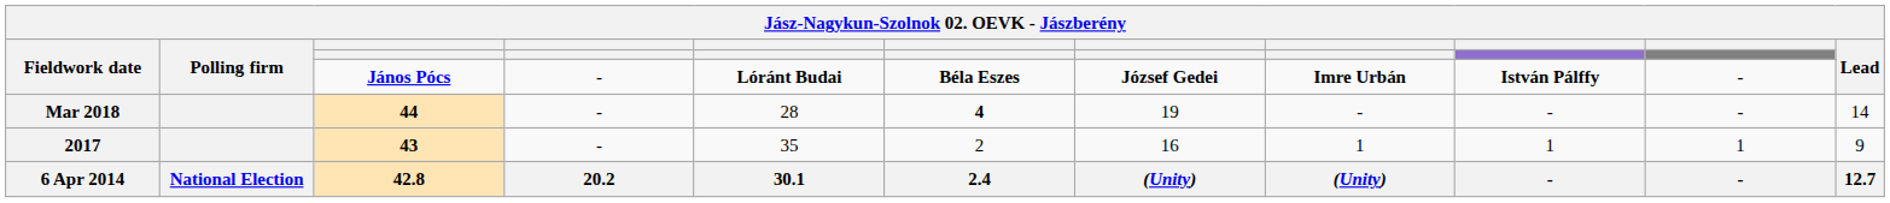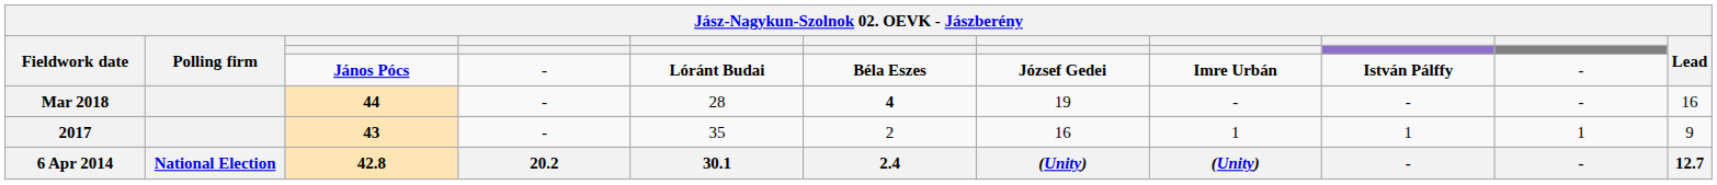 <table class="wikitable mw-collapsible mw-collapsed" style="text-align:center">
 <tr>
 <th colspan="11" style="width: 980pt;"><small><a href='#'>Jász-Nagykun-Szolnok</a> 02. OEVK - <a href='#'>Jászberény</a></small></th>
 </tr>
 <tr>
 <th rowspan="3" style="width: 80pt;"><small>Fieldwork</small> <small>date</small></th>
 <th rowspan="3" style="width: 80pt;"><strong><small>Polling</small> <small>firm</small></strong></th>
 <th style="width: 100pt;"><small></small></th>
 <th style="width: 100pt;"><small> </small></th>
 <th style="width: 100pt;"></th>
 <th style="width: 100pt;"></th>
 <th style="width: 100pt;"></th>
 <th style="width: 100pt;"></th>
 <th style="width: 100pt;"></th>
 <th style="width: 100pt;"></th>
 <th rowspan="3" style="width: 20pt;"><small>Lead</small></th>
 </tr>
 <tr>
 <th style="color:inherit;background:"></th>
 <th style="color:inherit;background:"></th>
 <th style="color:inherit;background:"></th>
 <th style="color:inherit;background:"></th>
 <th style="color:inherit;background:"></th>
 <th style="color:inherit;background:"></th>
 <th style="color:inherit;background:#8E6FCE;"></th>
 <th style="color:inherit;background:#808080;"></th>
 </tr>
 <tr>
 <td><a href='#'><small><strong>János Pócs</strong></small></a></td>
 <td><small>-</small></td>
 <td><small><strong>Lóránt Budai</strong></small></td>
 <td><small><strong>Béla Eszes</strong></small></td>
 <td><small><strong>József Gedei</strong></small></td>
 <td><small><strong>Imre Urbán</strong></small></td>
 <td><small><strong>István Pálffy</strong></small></td>
 <td><small>-</small></td>
 </tr>
 <tr>
 <th><small>Mar 2018</small></th>
 <th><small></small></th>
 <td style="background:#FFE5B4"><small><strong>44</strong></small></td>
 <td><small>-</small></td>
 <td><small>28</small></td>
 <td><strong><small>4</small></strong></td>
 <td><small>19</small></td>
 <td><small>-</small></td>
 <td><small>-</small></td>
 <td><small>-</small></td>
-<td style="background:"><small>14</small></td>
+<td style="background:"><small>16</small></td>
 </tr>
 <tr>
 <th><small>2017</small></th>
 <th><small></small></th>
 <td style="background:#FFE5B4"><small><strong>43</strong></small></td>
 <td><small>-</small></td>
 <td><small>35</small></td>
 <td><small>2</small></td>
 <td><small>16</small></td>
 <td><small>1</small></td>
 <td><small>1</small></td>
 <td><small>1</small></td>
 <td style="background:"><small>9</small></td>
 </tr>
 <tr>
 <th><small>6 Apr 2014</small></th>
 <th><a href='#'><small>National Election</small></a></th>
 <th style="background:#FFE5B4"><small><strong>42.8</strong></small></th>
 <th><small>20.2</small></th>
 <th><small>30.1</small></th>
 <th><small>2.4</small></th>
 <th><small><em>(<a href='#'>Unity</a>)</em></small></th>
 <th><small><em>(<a href='#'>Unity</a>)</em></small></th>
 <th><small>-</small></th>
 <th><small>-</small></th>
 <th style="background:"><small>12.7</small></th>
 </tr>
 </table>
